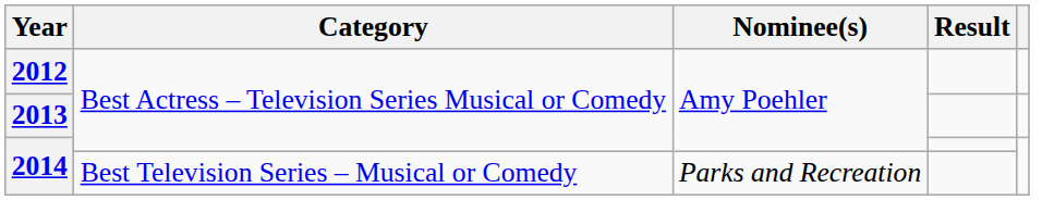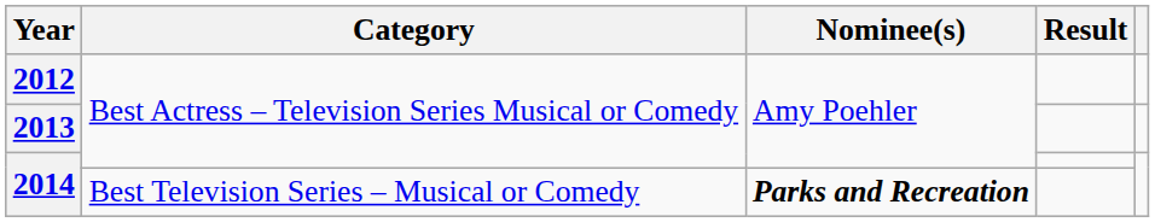 <table class="wikitable plainrowheaders">
 <tr>
 <th scope="col">Year</th>
 <th scope="col">Category</th>
 <th scope="col">Nominee(s)</th>
 <th scope="col">Result</th>
 <th scope="col"></th>
 </tr>
 <tr>
 <th scope="row"><a href='#'>2012</a></th>
 <td rowspan="3"><a href='#'>Best Actress – Television Series Musical or Comedy</a></td>
 <td rowspan="3"><a href='#'>Amy Poehler</a></td>
 <td></td>
 <td style="text-align:center;"></td>
 </tr>
 <tr>
 <th scope="row"><a href='#'>2013</a></th>
 <td></td>
 <td style="text-align:center;"></td>
 </tr>
 <tr>
 <th scope="row" rowspan="2"><a href='#'>2014</a></th>
 <td></td>
 <td style="text-align:center;" rowspan="2"></td>
 </tr>
 <tr>
 <td><a href='#'>Best Television Series – Musical or Comedy</a></td>
-<td><em>Parks and Recreation</em></td>
+<td><strong><em>Parks and Recreation</em></strong></td>
 <td></td>
 </tr>
 </table>
